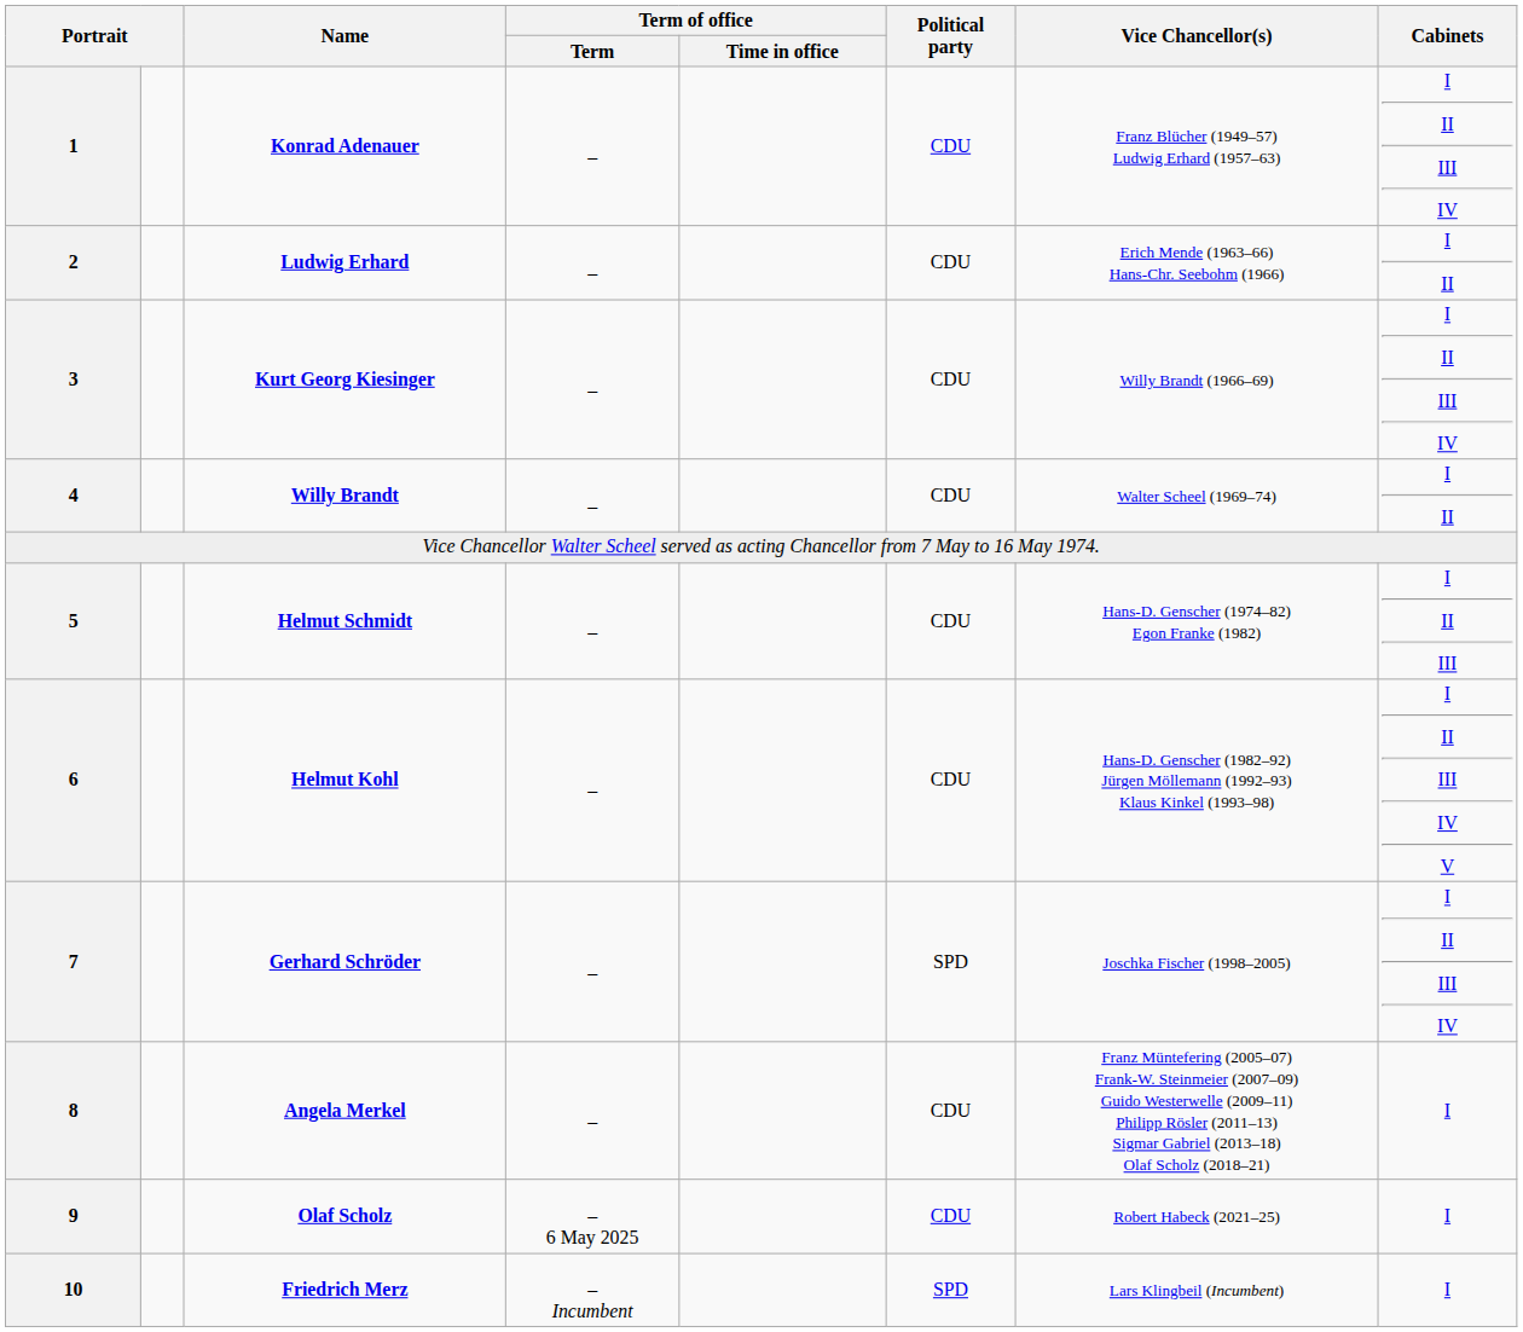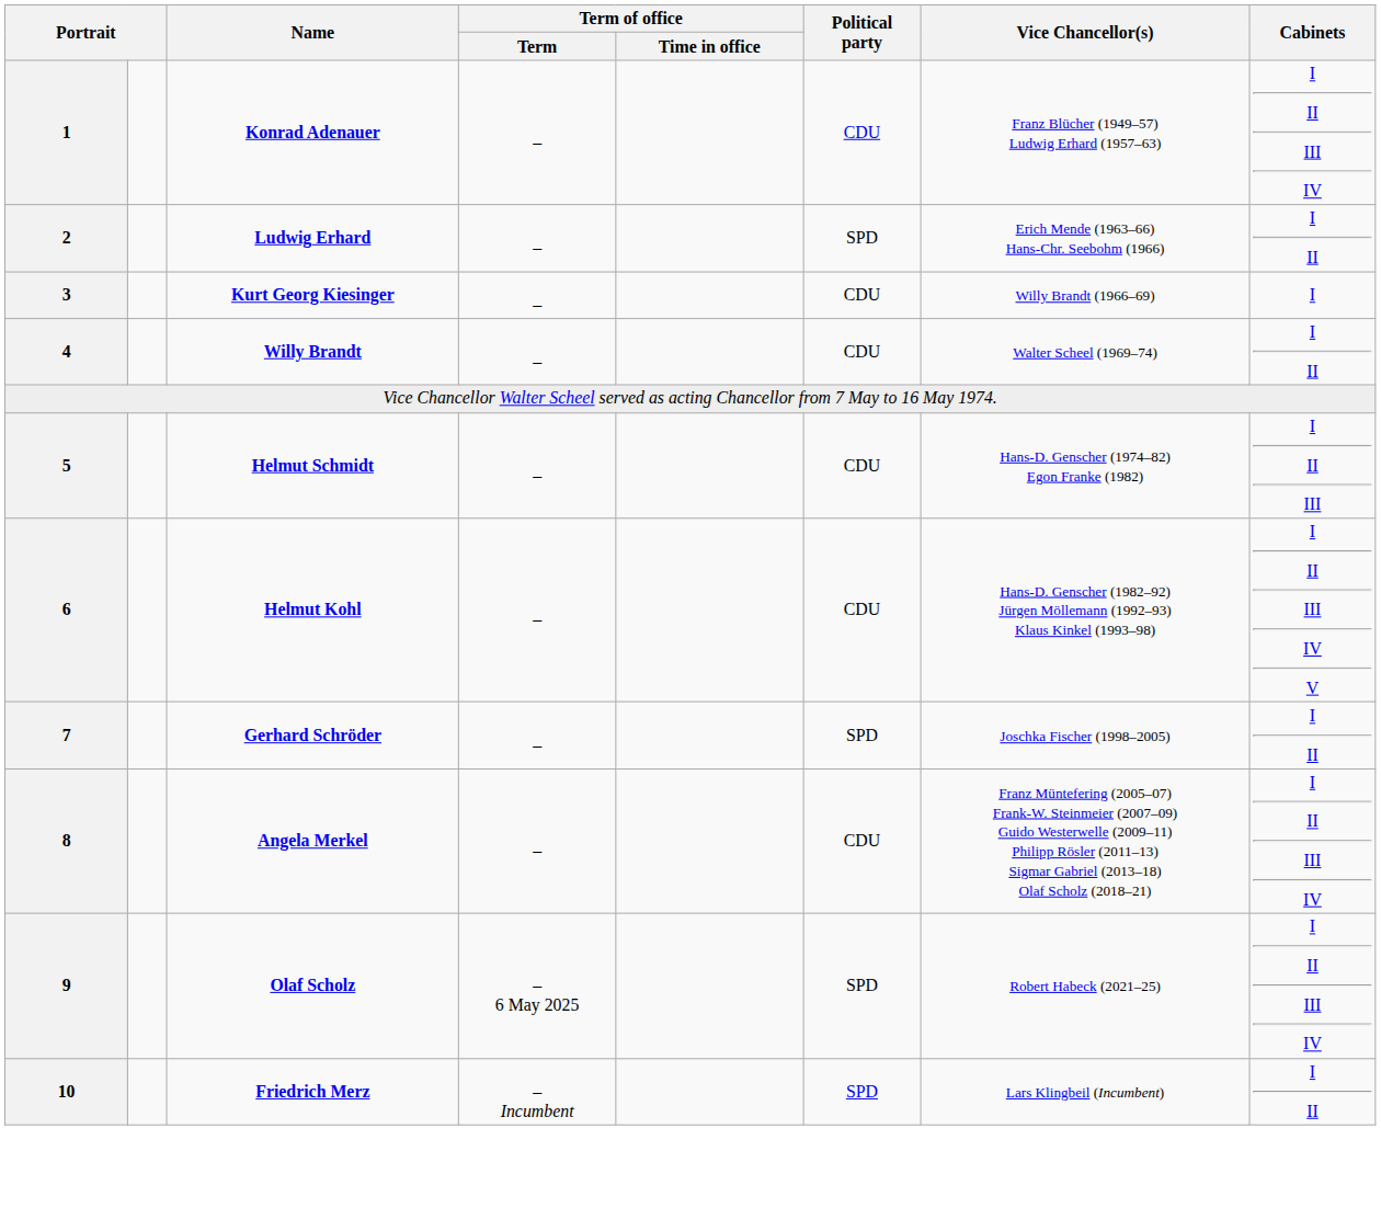 <table class="wikitable" style="text-align:center; width:100%; border:1px #AAAAFF solid">
 <tr>
 <th width=80px rowspan=2 colspan=2>Portrait</th>
 <th rowspan=2>Name<br></th>
 <th width=150px colspan=2>Term of office</th>
 <th rowspan=2>Political<br>party</th>
 <th rowspan=2>Vice Chancellor(s)</th>
 <th rowspan=2>Cabinets</th>
 </tr>
 <tr>
 <th>Term</th>
 <th>Time in office</th>
 </tr>
 <tr>
 <th style="background:">1</th>
 <td></td>
 <td><strong><a href='#'>Konrad Adenauer</a></strong><br></td>
 <td><br>–<br></td>
 <td></td>
 <td><a href='#'>CDU</a></td>
 <td><small><a href='#'>Franz Blücher</a> (1949–57)<br><a href='#'>Ludwig Erhard</a> (1957–63)</small></td>
 <td><a href='#'>I</a><hr><a href='#'>II</a><hr><a href='#'>III</a><hr><a href='#'>IV</a></td>
 </tr>
 <tr ->
 <th style="background:">2</th>
 <td></td>
 <td><strong><a href='#'>Ludwig Erhard</a></strong><br></td>
 <td><br>–<br></td>
 <td></td>
-<td>CDU</td>
+<td>SPD</td>
 <td><small><a href='#'>Erich Mende</a> (1963–66)<br><a href='#'>Hans-Chr. Seebohm</a> (1966)</small></td>
 <td><a href='#'>I</a><hr><a href='#'>II</a></td>
 </tr>
 <tr ->
 <th style="background:">3</th>
 <td></td>
 <td><strong><a href='#'>Kurt Georg Kiesinger</a></strong><br></td>
 <td><br>–<br></td>
 <td></td>
 <td>CDU</td>
 <td><small><a href='#'>Willy Brandt</a> (1966–69)</small></td>
-<td><a href='#'>I</a><hr><a href='#'>II</a><hr><a href='#'>III</a><hr><a href='#'>IV</a></td>
+<td><a href='#'>I</a></td>
 </tr>
 <tr ->
 <th style="background:">4</th>
 <td></td>
 <td><strong><a href='#'>Willy Brandt</a></strong><br></td>
 <td><br>–<br></td>
 <td></td>
 <td>CDU</td>
 <td><small><a href='#'>Walter Scheel</a> (1969–74)</small></td>
 <td><a href='#'>I</a><hr><a href='#'>II</a></td>
 </tr>
 <tr ->
 <td bgcolor=#EEEEEE colspan=10><em>Vice Chancellor <a href='#'>Walter Scheel</a> served as acting Chancellor from 7 May to 16 May 1974.</em></td>
 </tr>
 <tr ->
 <th style="background:">5</th>
 <td></td>
 <td><strong><a href='#'>Helmut Schmidt</a></strong><br></td>
 <td><br>–<br></td>
 <td></td>
 <td>CDU</td>
 <td><small><a href='#'>Hans-D. Genscher</a> (1974–82)<br><a href='#'>Egon Franke</a> (1982)</small></td>
 <td><a href='#'>I</a><hr><a href='#'>II</a><hr><a href='#'>III</a></td>
 </tr>
 <tr ->
 <th style="background:">6</th>
 <td></td>
 <td><strong><a href='#'>Helmut Kohl</a></strong><br></td>
 <td><br>–<br></td>
 <td></td>
 <td>CDU</td>
 <td><small><a href='#'>Hans-D. Genscher</a> (1982–92)<br><a href='#'>Jürgen Möllemann</a> (1992–93)<br><a href='#'>Klaus Kinkel</a> (1993–98)</small></td>
 <td><a href='#'>I</a><hr><a href='#'>II</a><hr><a href='#'>III</a><hr><a href='#'>IV</a><hr><a href='#'>V</a></td>
 </tr>
 <tr ->
 <th style="background:">7</th>
 <td></td>
 <td><strong><a href='#'>Gerhard Schröder</a></strong><br></td>
 <td><br>–<br></td>
 <td></td>
 <td>SPD</td>
 <td><small><a href='#'>Joschka Fischer</a> (1998–2005)</small></td>
-<td><a href='#'>I</a><hr><a href='#'>II</a><hr><a href='#'>III</a><hr><a href='#'>IV</a></td>
+<td><a href='#'>I</a><hr><a href='#'>II</a></td>
 </tr>
 <tr ->
 <th style="background:">8</th>
 <td></td>
 <td><strong><a href='#'>Angela Merkel</a></strong><br></td>
 <td><br>–<br></td>
 <td></td>
 <td>CDU</td>
 <td><small><a href='#'>Franz Müntefering</a> (2005–07)<br><a href='#'>Frank-W. Steinmeier</a> (2007–09)<br><a href='#'>Guido Westerwelle</a> (2009–11)<br><a href='#'>Philipp Rösler</a> (2011–13)<br><a href='#'>Sigmar Gabriel</a> (2013–18)<br><a href='#'>Olaf Scholz</a> (2018–21)</small></td>
-<td><a href='#'>I</a></td>
+<td><a href='#'>I</a><hr><a href='#'>II</a><hr><a href='#'>III</a><hr><a href='#'>IV</a></td>
 </tr>
 <tr>
 <th style="background:">9</th>
 <td></td>
 <td><strong><a href='#'>Olaf Scholz</a></strong><br></td>
 <td><br>–<br>6 May 2025</td>
 <td></td>
-<td><a href='#'>CDU</a></td>
+<td>SPD</td>
 <td><small><a href='#'>Robert Habeck</a> (2021–25)</small></td>
-<td><a href='#'>I</a></td>
+<td><a href='#'>I</a><hr><a href='#'>II</a><hr><a href='#'>III</a><hr><a href='#'>IV</a></td>
 </tr>
 <tr>
 <th style="background:">10</th>
 <td></td>
 <td><strong><a href='#'>Friedrich Merz</a></strong><br></td>
 <td><br>–<br><em>Incumbent</em></td>
 <td></td>
 <td><a href='#'>SPD</a></td>
 <td><small><a href='#'>Lars Klingbeil</a> (<em>Incumbent</em>)</small></td>
-<td><a href='#'>I</a></td>
+<td><a href='#'>I</a><hr><a href='#'>II</a></td>
 </tr>
 </table>
